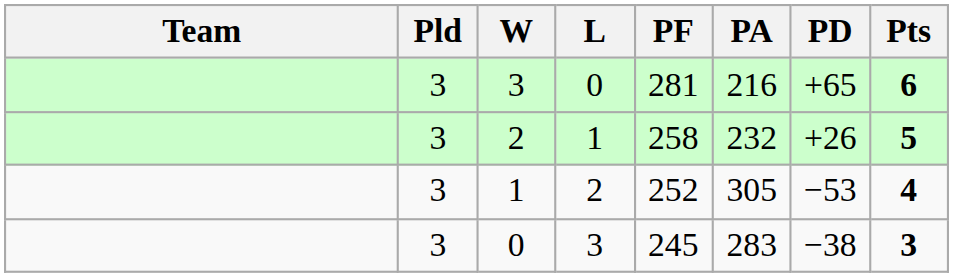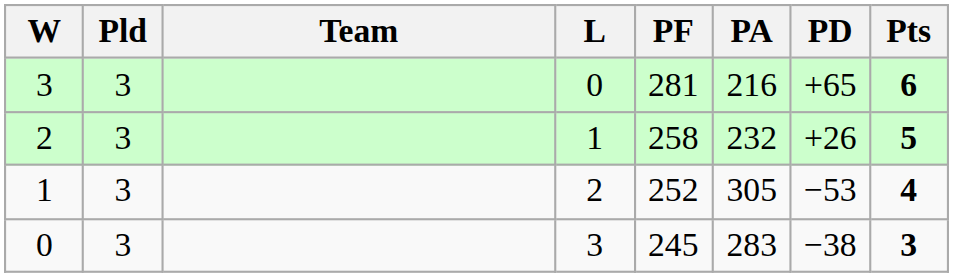 <table class=wikitable style="text-align:center">
 <tr>
+<th width=30>W</th>
+<th width=30>Pld</th>
 <th width=180>Team</th>
-<th width=30>Pld</th>
-<th width=30>W</th>
 <th width=30>L</th>
 <th width=30>PF</th>
 <th width=30>PA</th>
 <th width=30>PD</th>
 <th width=30>Pts</th>
 </tr>
 <tr bgcolor="#ccffcc">
-<td align="left"></td>
 <td>3</td>
 <td>3</td>
+<td align="left"></td>
 <td>0</td>
 <td>281</td>
 <td>216</td>
 <td>+65</td>
 <td><strong>6</strong></td>
 </tr>
 <tr bgcolor="#ccffcc">
+<td>2</td>
+<td>3</td>
 <td align="left"></td>
-<td>3</td>
-<td>2</td>
 <td>1</td>
 <td>258</td>
 <td>232</td>
 <td>+26</td>
 <td><strong>5</strong></td>
 </tr>
 <tr>
+<td>1</td>
+<td>3</td>
 <td align="left"></td>
-<td>3</td>
-<td>1</td>
 <td>2</td>
 <td>252</td>
 <td>305</td>
 <td>−53</td>
 <td><strong>4</strong></td>
 </tr>
 <tr>
+<td>0</td>
+<td>3</td>
 <td align="left"></td>
-<td>3</td>
-<td>0</td>
 <td>3</td>
 <td>245</td>
 <td>283</td>
 <td>−38</td>
 <td><strong>3</strong></td>
 </tr>
 </table>
